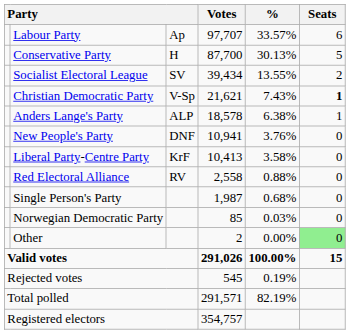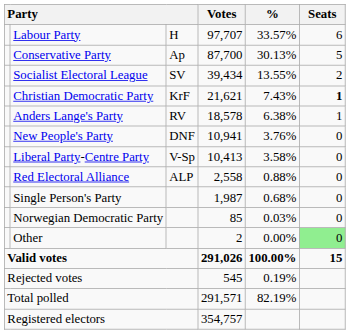 <table class="wikitable" border="1" style="text-align:right;">
 <tr>
 <th style="text-align:left;" colspan=3>Party</th>
 <th align=center width="50">Votes</th>
 <th align=center width="50">%</th>
 <th align=center width="50">Seats</th>
 </tr>
 <tr>
 <td style="color:inherit;background:"></td>
 <td align=left><a href='#'>Labour Party</a></td>
-<td align=left>Ap</td>
+<td align=left>H</td>
 <td>97,707</td>
 <td>33.57%</td>
 <td>6</td>
 </tr>
 <tr>
 <td style="color:inherit;background:"></td>
 <td align=left><a href='#'>Conservative Party</a></td>
-<td align=left>H</td>
+<td align=left>Ap</td>
 <td>87,700</td>
 <td>30.13%</td>
 <td>5</td>
 </tr>
 <tr>
 <td style="color:inherit;background:"></td>
 <td align=left><a href='#'>Socialist Electoral League</a></td>
 <td align=left>SV</td>
 <td>39,434</td>
 <td>13.55%</td>
 <td>2</td>
 </tr>
 <tr>
 <td style="color:inherit;background:"></td>
 <td align=left><a href='#'>Christian Democratic Party</a></td>
-<td align=left>V-Sp</td>
+<td align=left>KrF</td>
 <td>21,621</td>
 <td>7.43%</td>
 <td><strong>1</strong></td>
 </tr>
 <tr>
 <td style="color:inherit;background:"></td>
 <td align=left><a href='#'>Anders Lange's Party</a></td>
-<td align=left>ALP</td>
+<td align=left>RV</td>
 <td>18,578</td>
 <td>6.38%</td>
 <td>1</td>
 </tr>
 <tr>
 <td style="color:inherit;background:"></td>
 <td align=left><a href='#'>New People's Party</a></td>
 <td align=left>DNF</td>
 <td>10,941</td>
 <td>3.76%</td>
 <td>0</td>
 </tr>
 <tr>
 <td></td>
 <td align=left><a href='#'>Liberal Party</a>-<a href='#'>Centre Party</a></td>
-<td align=left>KrF</td>
+<td align=left>V-Sp</td>
 <td>10,413</td>
 <td>3.58%</td>
 <td>0</td>
 </tr>
 <tr>
 <td style="color:inherit;background:"></td>
 <td align=left><a href='#'>Red Electoral Alliance</a></td>
-<td align=left>RV</td>
+<td align=left>ALP</td>
 <td>2,558</td>
 <td>0.88%</td>
 <td>0</td>
 </tr>
 <tr>
 <td></td>
 <td align=left>Single Person's Party</td>
 <td align=left></td>
 <td>1,987</td>
 <td>0.68%</td>
 <td>0</td>
 </tr>
 <tr>
 <td></td>
 <td align=left>Norwegian Democratic Party</td>
 <td align=left></td>
 <td>85</td>
 <td>0.03%</td>
 <td>0</td>
 </tr>
 <tr>
 <td></td>
 <td align=left>Other</td>
 <td align=left></td>
 <td>2</td>
 <td>0.00%</td>
 <td style="background: lightgreen;">0</td>
 </tr>
 <tr style="font-weight:bold">
 <td align=left colspan=3>Valid votes</td>
 <td>291,026</td>
 <td>100.00%</td>
 <td>15</td>
 </tr>
 <tr>
 <td align=left colspan=3>Rejected votes</td>
 <td>545</td>
 <td>0.19%</td>
 <td></td>
 </tr>
 <tr>
 <td align=left colspan=3>Total polled</td>
 <td>291,571</td>
 <td>82.19%</td>
 <td></td>
 </tr>
 <tr>
 <td align=left colspan=3>Registered electors</td>
 <td>354,757</td>
 <td></td>
 <td></td>
 </tr>
 </table>
